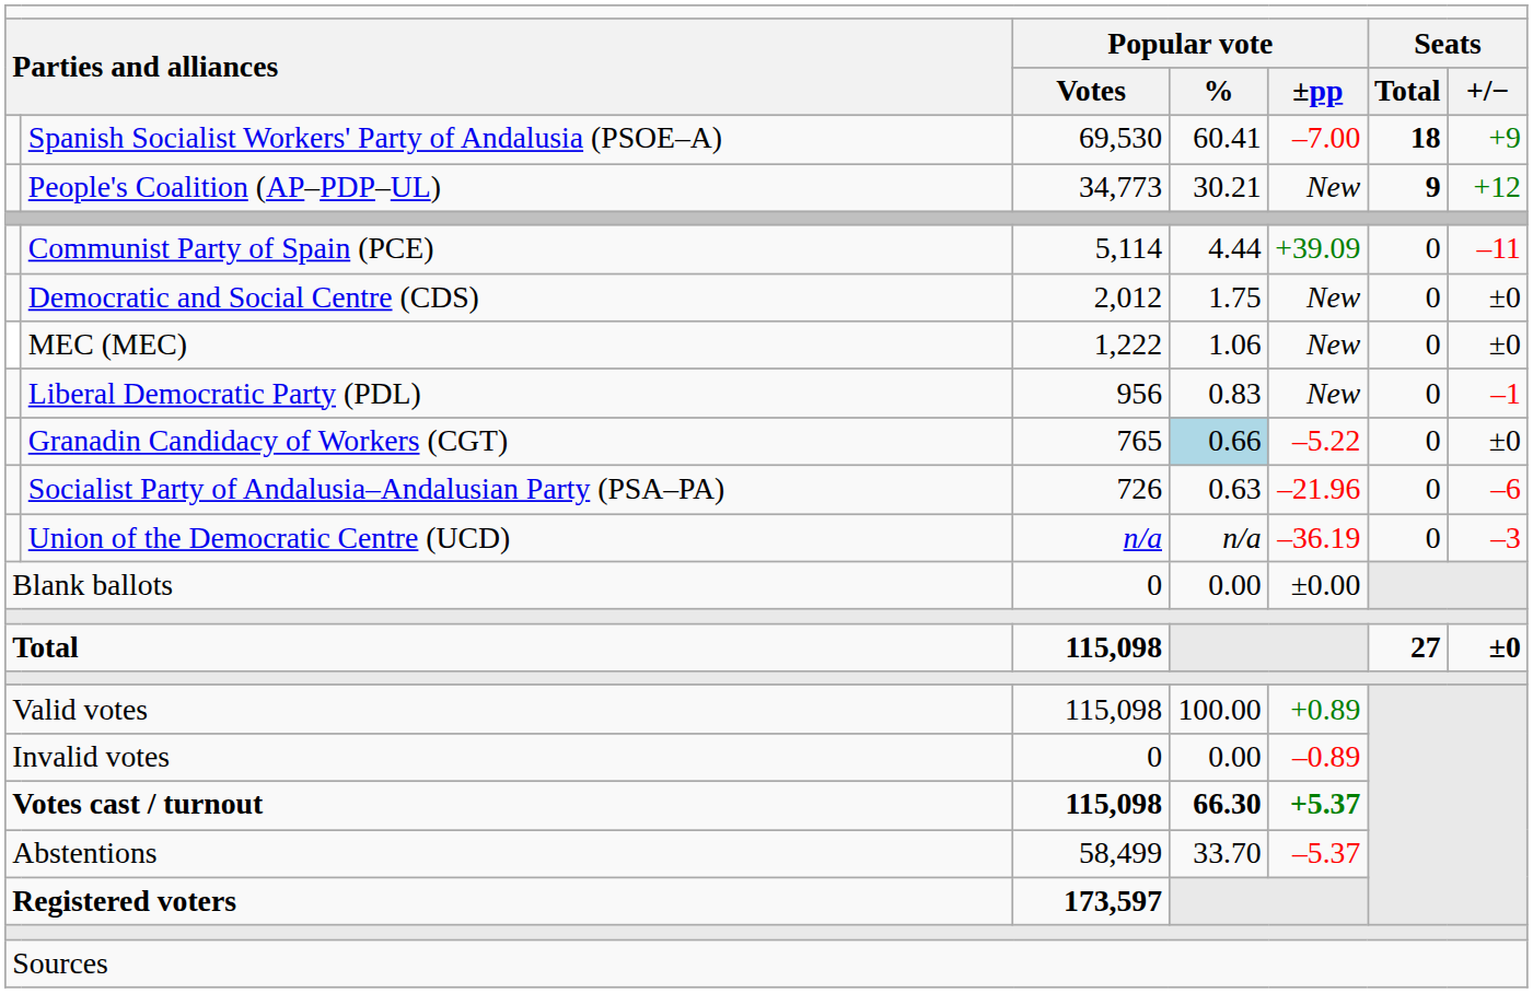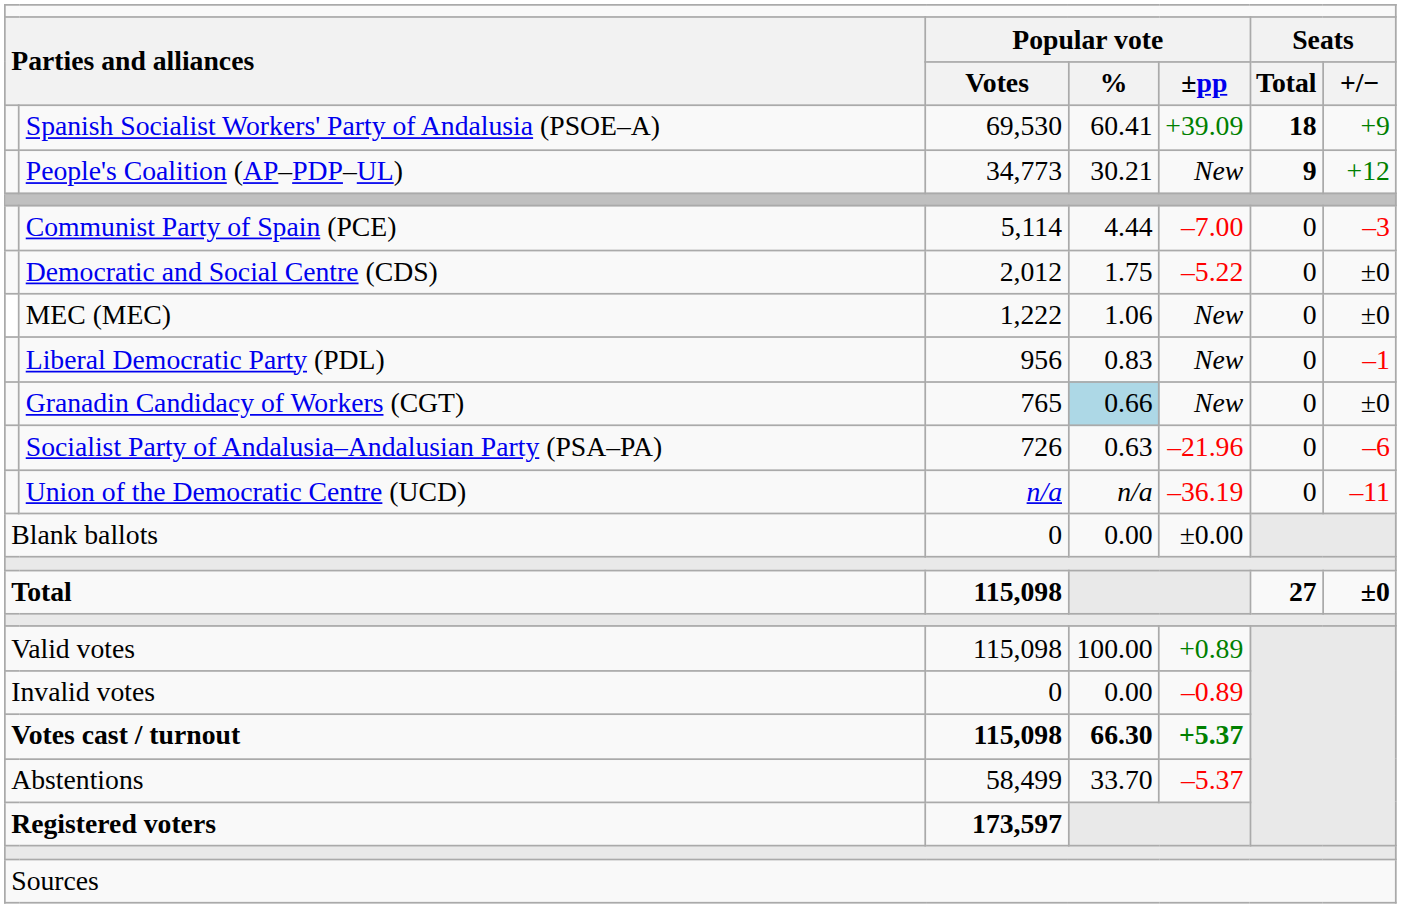 <table class="wikitable" style="text-align:right;">
 <tr>
 <td colspan="7"></td>
 </tr>
 <tr>
 <th style="text-align:left;" rowspan="2" colspan="2" width="525">Parties and alliances</th>
 <th colspan="3">Popular vote</th>
 <th colspan="2">Seats</th>
 </tr>
 <tr>
 <th width="75">Votes</th>
 <th width="45">%</th>
 <th width="45">±<a href='#'>pp</a></th>
 <th width="35">Total</th>
 <th width="35">+/−</th>
 </tr>
 <tr>
 <td width="1" style="color:inherit;background:"></td>
 <td align="left"><a href='#'>Spanish Socialist Workers' Party of Andalusia</a> (PSOE–A)</td>
 <td>69,530</td>
 <td>60.41</td>
-<td style="color:red;">–7.00</td>
+<td style="color:green;">+39.09</td>
 <td><strong>18</strong></td>
 <td style="color:green;">+9</td>
 </tr>
 <tr>
 <td style="color:inherit;background:"></td>
 <td align="left"><a href='#'>People's Coalition</a> (<a href='#'>AP</a>–<a href='#'>PDP</a>–<a href='#'>UL</a>)</td>
 <td>34,773</td>
 <td>30.21</td>
 <td><em>New</em></td>
 <td><strong>9</strong></td>
 <td style="color:green;">+12</td>
 </tr>
 <tr>
 <td colspan="7" bgcolor="#C0C0C0"></td>
 </tr>
 <tr>
 <td style="color:inherit;background:"></td>
 <td align="left"><a href='#'>Communist Party of Spain</a> (PCE)</td>
 <td>5,114</td>
 <td>4.44</td>
-<td style="color:green;">+39.09</td>
+<td style="color:red;">–7.00</td>
 <td>0</td>
-<td style="color:red;">–11</td>
+<td style="color:red;">–3</td>
 </tr>
 <tr>
 <td style="color:inherit;background:"></td>
 <td align="left"><a href='#'>Democratic and Social Centre</a> (CDS)</td>
 <td>2,012</td>
 <td>1.75</td>
-<td><em>New</em></td>
+<td style="color:red;">–5.22</td>
 <td>0</td>
 <td>±0</td>
 </tr>
 <tr>
 <td bgcolor="white"></td>
 <td align="left">MEC (MEC)</td>
 <td>1,222</td>
 <td>1.06</td>
 <td><em>New</em></td>
 <td>0</td>
 <td>±0</td>
 </tr>
 <tr>
 <td style="color:inherit;background:"></td>
 <td align="left"><a href='#'>Liberal Democratic Party</a> (PDL)</td>
 <td>956</td>
 <td>0.83</td>
 <td><em>New</em></td>
 <td>0</td>
 <td style="color:red;">–1</td>
 </tr>
 <tr>
 <td style="color:inherit;background:"></td>
 <td align="left"><a href='#'>Granadin Candidacy of Workers</a> (CGT)</td>
 <td>765</td>
 <td style="background: lightblue;">0.66</td>
-<td style="color:red;">–5.22</td>
+<td><em>New</em></td>
 <td>0</td>
 <td>±0</td>
 </tr>
 <tr>
 <td style="color:inherit;background:"></td>
 <td align="left"><a href='#'>Socialist Party of Andalusia–Andalusian Party</a> (PSA–PA)</td>
 <td>726</td>
 <td>0.63</td>
 <td style="color:red;">–21.96</td>
 <td>0</td>
 <td style="color:red;">–6</td>
 </tr>
 <tr>
 <td style="color:inherit;background:"></td>
 <td align="left"><a href='#'>Union of the Democratic Centre</a> (UCD)</td>
 <td><em><a href='#'>n/a</a></em></td>
 <td><em>n/a</em></td>
 <td style="color:red;">–36.19</td>
 <td>0</td>
-<td style="color:red;">–3</td>
+<td style="color:red;">–11</td>
 </tr>
 <tr>
 <td align="left" colspan="2">Blank ballots</td>
 <td>0</td>
 <td>0.00</td>
 <td>±0.00</td>
 <td bgcolor="#E9E9E9" colspan="2"></td>
 </tr>
 <tr>
 <td colspan="7" bgcolor="#E9E9E9"></td>
 </tr>
 <tr style="font-weight:bold;">
 <td align="left" colspan="2">Total</td>
 <td>115,098</td>
 <td bgcolor="#E9E9E9" colspan="2"></td>
 <td>27</td>
 <td>±0</td>
 </tr>
 <tr>
 <td colspan="7" bgcolor="#E9E9E9"></td>
 </tr>
 <tr>
 <td align="left" colspan="2">Valid votes</td>
 <td>115,098</td>
 <td>100.00</td>
 <td style="color:green;">+0.89</td>
 <td bgcolor="#E9E9E9" colspan="2" rowspan="5"></td>
 </tr>
 <tr>
 <td align="left" colspan="2">Invalid votes</td>
 <td>0</td>
 <td>0.00</td>
 <td style="color:red;">–0.89</td>
 </tr>
 <tr style="font-weight:bold;">
 <td align="left" colspan="2">Votes cast / turnout</td>
 <td>115,098</td>
 <td>66.30</td>
 <td style="color:green;">+5.37</td>
 </tr>
 <tr>
 <td align="left" colspan="2">Abstentions</td>
 <td>58,499</td>
 <td>33.70</td>
 <td style="color:red;">–5.37</td>
 </tr>
 <tr style="font-weight:bold;">
 <td align="left" colspan="2">Registered voters</td>
 <td>173,597</td>
 <td bgcolor="#E9E9E9" colspan="2"></td>
 </tr>
 <tr>
 <td colspan="7" bgcolor="#E9E9E9"></td>
 </tr>
 <tr>
 <td align="left" colspan="7">Sources</td>
 </tr>
 </table>
